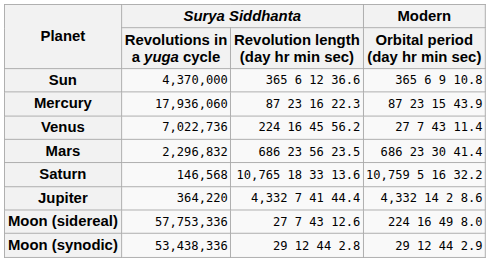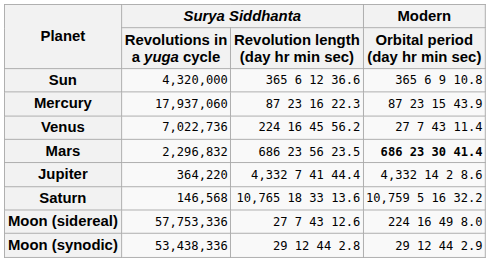 <table class="wikitable plainrowheaders" style="text-align:right;">
 <tr>
 <th scope="col" rowspan="2">Planet</th>
 <th colspan="2" scope="colgroup"><em>Surya Siddhanta</em></th>
 <th scope="col">Modern</th>
 </tr>
 <tr>
 <th scope="col">Revolutions in<br>a <em>yuga</em> cycle</th>
 <th scope="col">Revolution length<br>(day hr min sec)</th>
 <th scope="col">Orbital period<br>(day hr min sec)</th>
 </tr>
 <tr>
 <th scope="row">Sun</th>
-<td style="font-family:monospace;">4,370,000</td>
+<td style="font-family:monospace;">4,320,000</td>
 <td style="font-family:monospace;"><span>365  6 12 36.6</span></td>
 <td style="font-family:monospace;"><span>365  6  9 10.8</span></td>
 </tr>
 <tr>
 <th scope="row">Mercury</th>
-<td style="font-family:monospace;">17,936,060</td>
+<td style="font-family:monospace;">17,937,060</td>
 <td style="font-family:monospace;"><span>87 23 16 22.3</span></td>
 <td style="font-family:monospace;"><span>87 23 15 43.9</span></td>
 </tr>
 <tr>
 <th scope="row">Venus</th>
 <td style="font-family:monospace;">7,022,736</td>
 <td style="font-family:monospace;"><span>224 16 45 56.2</span></td>
 <td style="font-family:monospace;"><span>27  7 43 11.4</span></td>
 </tr>
 <tr>
 <th scope="row">Mars</th>
 <td style="font-family:monospace;">2,296,832</td>
 <td style="font-family:monospace;"><span>686 23 56 23.5</span></td>
-<td style="font-family:monospace;"><span>686 23 30 41.4</span></td>
+<td style="font-family:monospace;"><strong><span>686 23 30 41.4</span></strong></td>
+</tr>
+<tr>
+<th scope="row">Jupiter</th>
+<td style="font-family:monospace;">364,220</td>
+<td style="font-family:monospace;"><span>4,332  7 41 44.4</span></td>
+<td style="font-family:monospace;"><span>4,332 14  2  8.6</span></td>
 </tr>
 <tr>
 <th scope="row">Saturn</th>
 <td style="font-family:monospace;">146,568</td>
 <td style="font-family:monospace;"><span>10,765 18 33 13.6</span></td>
 <td style="font-family:monospace;"><span>10,759  5 16 32.2</span></td>
-</tr>
-<tr>
-<th scope="row">Jupiter</th>
-<td style="font-family:monospace;">364,220</td>
-<td style="font-family:monospace;"><span>4,332  7 41 44.4</span></td>
-<td style="font-family:monospace;"><span>4,332 14  2  8.6</span></td>
 </tr>
 <tr>
 <th scope="row">Moon (sidereal)</th>
 <td style="font-family:monospace;">57,753,336</td>
 <td style="font-family:monospace;"><span>27  7 43 12.6</span></td>
 <td style="font-family:monospace;"><span>224 16 49  8.0</span></td>
 </tr>
 <tr>
 <th scope="row">Moon (synodic)</th>
 <td style="font-family:monospace;">53,438,336</td>
 <td style="font-family:monospace;"><span>29 12 44  2.8</span></td>
 <td style="font-family:monospace;"><span>29 12 44  2.9</span></td>
 </tr>
 </table>
